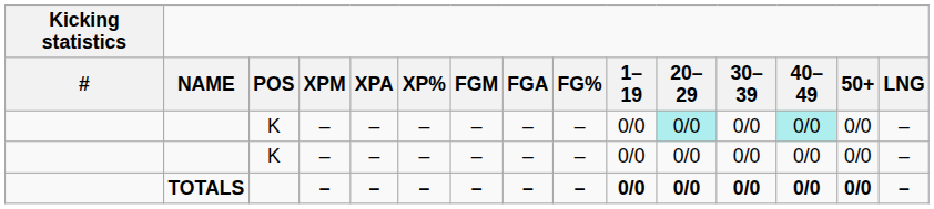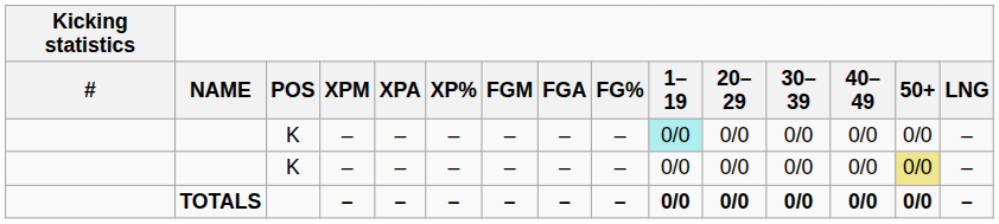 <table style="width:60%; text-align:center;" class="wikitable collapsible collapsed">
 <tr>
 <th style="text-align:center; ">Kicking statistics</th>
 </tr>
 <tr>
 <th>#</th>
 <th>NAME</th>
 <th>POS</th>
 <th>XPM</th>
 <th>XPA</th>
 <th>XP%</th>
 <th>FGM</th>
 <th>FGA</th>
 <th>FG%</th>
 <th>1–19</th>
 <th>20–29</th>
 <th>30–39</th>
 <th>40–49</th>
 <th>50+</th>
 <th>LNG</th>
 </tr>
 <tr>
 <td></td>
 <td></td>
 <td>K</td>
 <td>–</td>
 <td>–</td>
 <td>–</td>
 <td>–</td>
 <td>–</td>
 <td>–</td>
-<td>0/0</td>
 <td style="background: paleturquoise;">0/0</td>
 <td>0/0</td>
-<td style="background: paleturquoise;">0/0</td>
+<td>0/0</td>
+<td>0/0</td>
 <td>0/0</td>
 <td>–</td>
 </tr>
 <tr>
 <td></td>
 <td></td>
 <td>K</td>
 <td>–</td>
 <td>–</td>
 <td>–</td>
 <td>–</td>
 <td>–</td>
 <td>–</td>
 <td>0/0</td>
 <td>0/0</td>
 <td>0/0</td>
 <td>0/0</td>
-<td>0/0</td>
+<td style="background: khaki;">0/0</td>
 <td>–</td>
 </tr>
 <tr>
 <td></td>
 <td><strong>TOTALS</strong></td>
 <td></td>
 <td><strong>–</strong></td>
 <td><strong>–</strong></td>
 <td><strong>–</strong></td>
 <td><strong>–</strong></td>
 <td><strong>–</strong></td>
 <td><strong>–</strong></td>
 <td><strong>0/0</strong></td>
 <td><strong>0/0</strong></td>
 <td><strong>0/0</strong></td>
 <td><strong>0/0</strong></td>
 <td><strong>0/0</strong></td>
 <td><strong>–</strong></td>
 </tr>
 </table>
